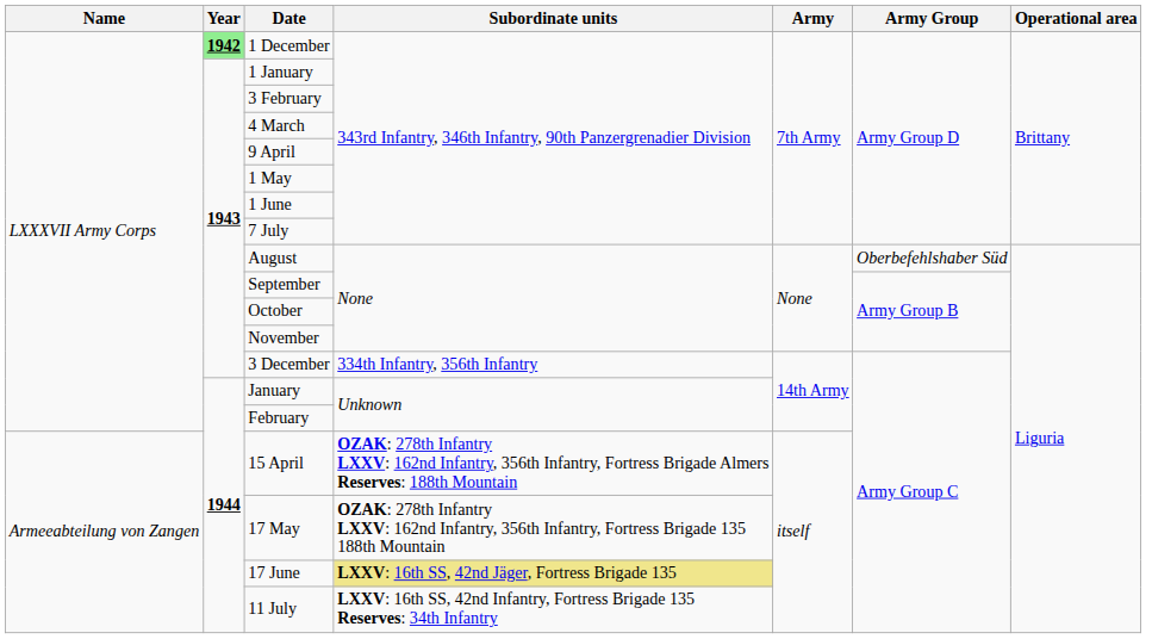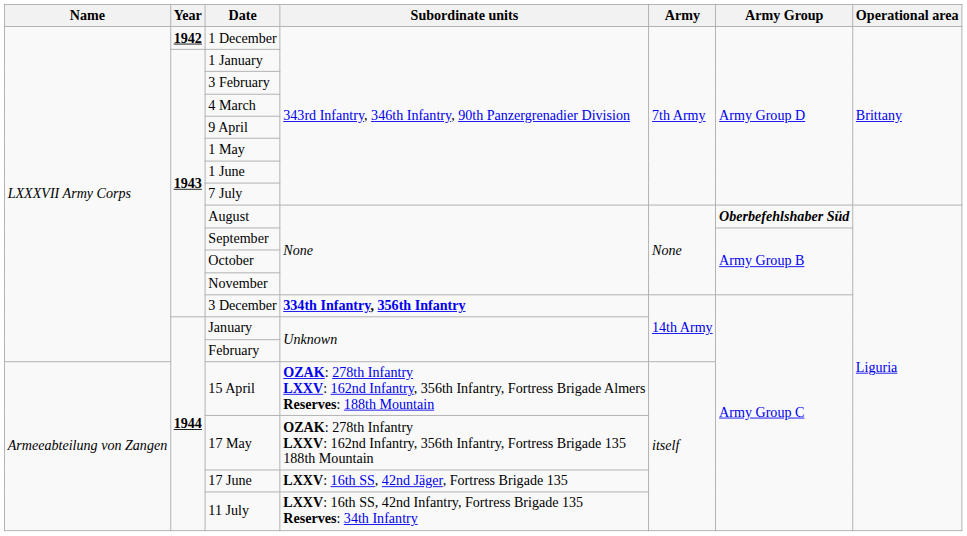 <table class="wikitable">
 <tr>
 <th>Name</th>
 <th>Year</th>
 <th>Date</th>
 <th>Subordinate units</th>
 <th>Army</th>
 <th>Army Group</th>
 <th>Operational area</th>
 </tr>
 <tr>
 <td rowspan="15"><em>LXXXVII Army Corps</em></td>
-<td style="background: lightgreen;"><strong><u>1942</u></strong></td>
+<td><strong><u>1942</u></strong></td>
 <td>1 December</td>
 <td rowspan="8"><a href='#'>343rd Infantry</a>, <a href='#'>346th Infantry</a>, <a href='#'>90th Panzergrenadier Division</a></td>
 <td rowspan="8"><a href='#'>7th Army</a></td>
 <td rowspan="8"><a href='#'>Army Group D</a></td>
 <td rowspan="8"><a href='#'>Brittany</a></td>
 </tr>
 <tr>
 <td rowspan="12"><strong><u>1943</u></strong></td>
 <td>1 January</td>
 </tr>
 <tr>
 <td>3 February</td>
 </tr>
 <tr>
 <td>4 March</td>
 </tr>
 <tr>
 <td>9 April</td>
 </tr>
 <tr>
 <td>1 May</td>
 </tr>
 <tr>
 <td>1 June</td>
 </tr>
 <tr>
 <td>7 July</td>
 </tr>
 <tr>
 <td>August</td>
 <td rowspan="4"><em>None</em></td>
 <td rowspan="4"><em>None</em></td>
-<td><em>Oberbefehlshaber Süd</em></td>
+<td><strong><em>Oberbefehlshaber Süd</em></strong></td>
 <td rowspan="11"><a href='#'>Liguria</a></td>
 </tr>
 <tr>
 <td>September</td>
 <td rowspan="3"><a href='#'>Army Group B</a></td>
 </tr>
 <tr>
 <td>October</td>
 </tr>
 <tr>
 <td>November</td>
 </tr>
 <tr>
 <td>3 December</td>
-<td><a href='#'>334th Infantry</a>, <a href='#'>356th Infantry</a></td>
+<td><strong><a href='#'>334th Infantry</a>, <a href='#'>356th Infantry</a></strong></td>
 <td rowspan="3"><a href='#'>14th Army</a></td>
 <td rowspan="7"><a href='#'>Army Group C</a></td>
 </tr>
 <tr>
 <td rowspan="6"><strong><u>1944</u></strong></td>
 <td>January</td>
 <td rowspan="2"><em>Unknown</em></td>
 </tr>
 <tr>
 <td>February</td>
 </tr>
 <tr>
 <td rowspan="4"><em>Armeeabteilung von Zangen</em></td>
 <td>15 April</td>
 <td><strong><a href='#'>OZAK</a></strong>: <a href='#'>278th Infantry</a><br><a href='#'><strong>LXXV</strong></a>: <a href='#'>162nd Infantry</a>, 356th Infantry, Fortress Brigade Almers<br><strong>Reserves</strong>: <a href='#'>188th Mountain</a></td>
 <td rowspan="4"><em>itself</em></td>
 </tr>
 <tr>
 <td>17 May</td>
 <td><strong>OZAK</strong>: 278th Infantry<br><strong>LXXV</strong>: 162nd Infantry, 356th Infantry, Fortress Brigade 135<br>188th Mountain</td>
 </tr>
 <tr>
 <td>17 June</td>
-<td style="background: khaki;"><strong>LXXV</strong>: <a href='#'>16th SS</a>, <a href='#'>42nd Jäger</a>, Fortress Brigade 135</td>
+<td><strong>LXXV</strong>: <a href='#'>16th SS</a>, <a href='#'>42nd Jäger</a>, Fortress Brigade 135</td>
 </tr>
 <tr>
 <td>11 July</td>
 <td><strong>LXXV</strong>: 16th SS, 42nd Infantry, Fortress Brigade 135<br><strong>Reserves</strong>: <a href='#'>34th Infantry</a></td>
 </tr>
 </table>
